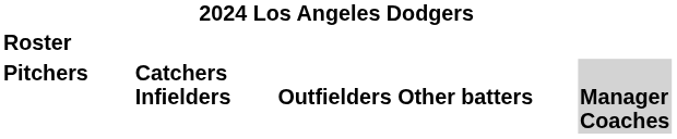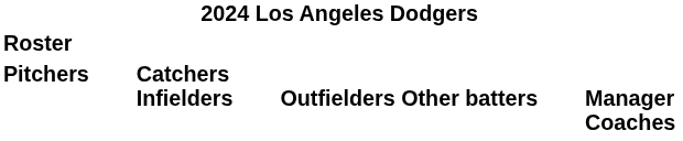 <table class="toccolours" style="font-size: 95%;">
 <tr>
 <th colspan="10">2024 Los Angeles Dodgers</th>
 </tr>
 <tr>
 <td colspan="10"><strong>Roster</strong></td>
 </tr>
 <tr>
 <td valign="top"><strong>Pitchers</strong><br>                                     </td>
 <td width="25px"></td>
 <td valign="top"><strong>Catchers</strong><br>   <strong>Infielders</strong>         </td>
 <td width="25px"></td>
 <td valign="top"><br><strong>Outfielders</strong>          <strong>Other batters</strong> </td>
 <td width="25px"></td>
-<td valign="top" style="background: lightgrey;"><br><strong>Manager</strong> <br><strong>Coaches</strong>                  </td>
+<td valign="top"><br><strong>Manager</strong> <br><strong>Coaches</strong>                  </td>
 </tr>
 </table>
